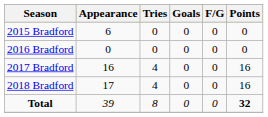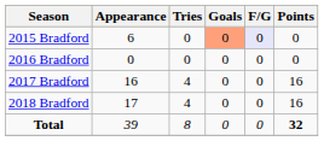 <table class="wikitable" style="text-align:center;">
 <tr bgcolor=#bdb76b>
 <th>Season</th>
 <th>Appearance</th>
 <th>Tries</th>
 <th>Goals</th>
 <th>F/G</th>
 <th>Points</th>
 </tr>
 <tr>
 <td><a href='#'>2015 Bradford</a></td>
 <td>6</td>
 <td>0</td>
-<td>0</td>
-<td>0</td>
+<td style="background: lightsalmon;">0</td>
+<td style="background: lavender;">0</td>
 <td>0</td>
 </tr>
 <tr>
 <td><a href='#'>2016 Bradford</a></td>
 <td>0</td>
 <td>0</td>
 <td>0</td>
 <td>0</td>
 <td>0</td>
 </tr>
 <tr>
 <td><a href='#'>2017 Bradford</a></td>
 <td>16</td>
 <td>4</td>
 <td>0</td>
 <td>0</td>
 <td>16</td>
 </tr>
 <tr>
 <td><a href='#'>2018 Bradford</a></td>
 <td>17</td>
 <td>4</td>
 <td>0</td>
 <td>0</td>
 <td>16</td>
 </tr>
 <tr>
 <td><strong>Total</strong></td>
 <td><em>39</em></td>
 <td><em>8</em></td>
 <td><em>0</em></td>
 <td><em>0</em></td>
 <td><strong>32</strong></td>
 </tr>
 <tr>
 </tr>
 </table>
